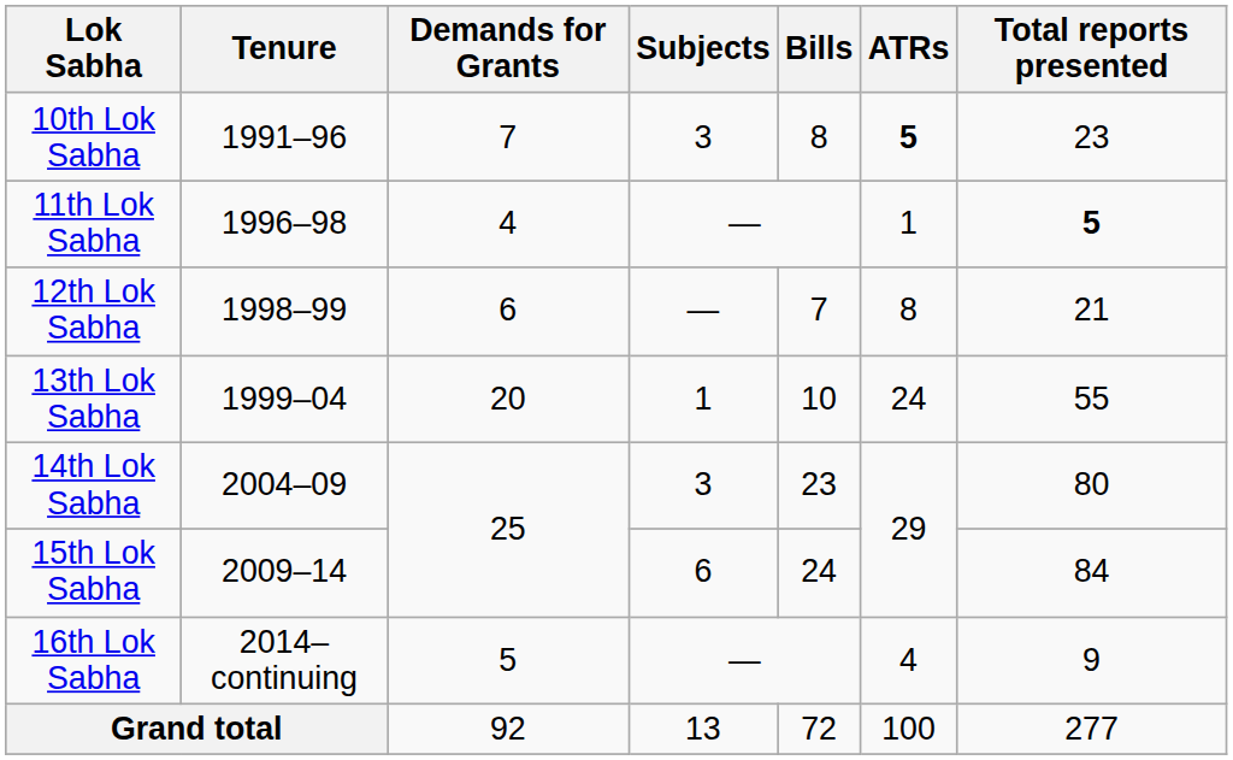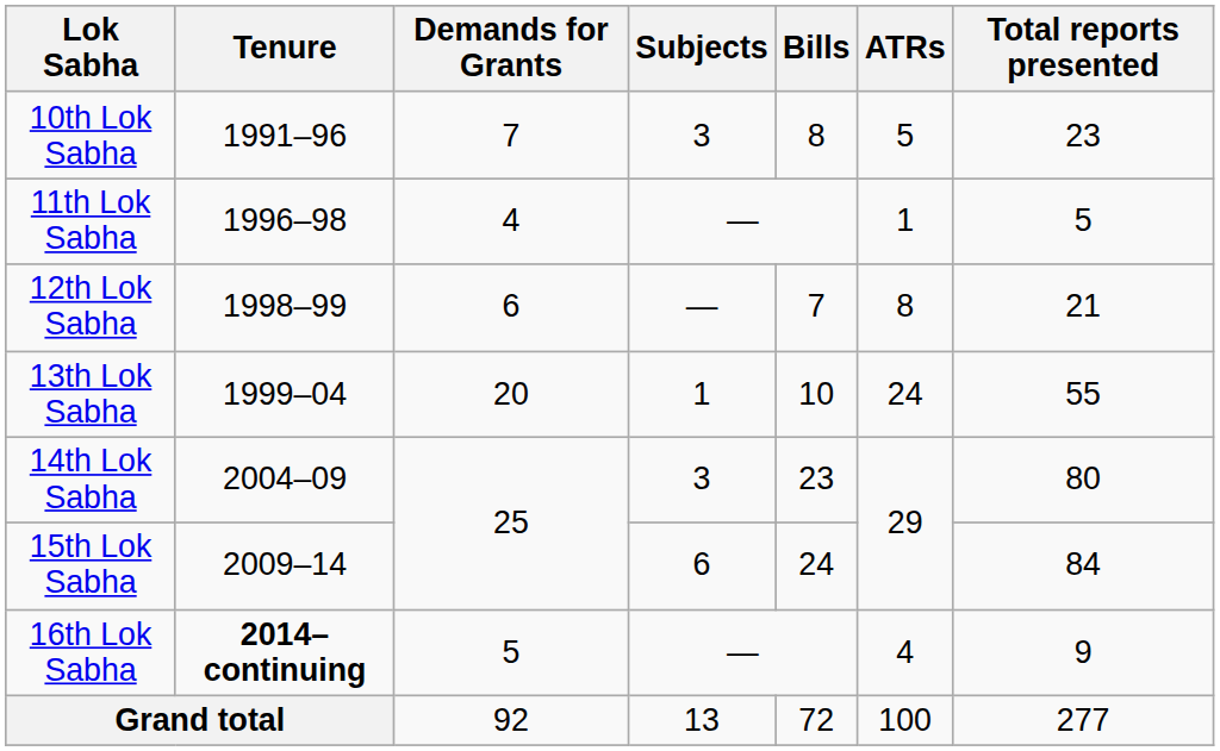 <table class="wikitable sortable">
 <tr>
 <th>Lok Sabha</th>
 <th>Tenure</th>
 <th>Demands for Grants</th>
 <th>Subjects</th>
 <th>Bills</th>
 <th>ATRs</th>
 <th>Total reports presented</th>
 </tr>
 <tr align="center">
 <td><a href='#'>10th Lok Sabha</a></td>
 <td>1991–96</td>
 <td>7</td>
 <td>3</td>
 <td>8</td>
-<td><strong>5</strong></td>
+<td>5</td>
 <td>23</td>
 </tr>
 <tr align="center">
 <td><a href='#'>11th Lok Sabha</a></td>
 <td>1996–98</td>
 <td>4</td>
 <td colspan="2">—</td>
 <td>1</td>
-<td><strong>5</strong></td>
+<td>5</td>
 </tr>
 <tr align="center">
 <td><a href='#'>12th Lok Sabha</a></td>
 <td>1998–99</td>
 <td>6</td>
 <td>—</td>
 <td>7</td>
 <td>8</td>
 <td>21</td>
 </tr>
 <tr align="center">
 <td><a href='#'>13th Lok Sabha</a></td>
 <td>1999–04</td>
 <td>20</td>
 <td>1</td>
 <td>10</td>
 <td>24</td>
 <td>55</td>
 </tr>
 <tr align="center">
 <td><a href='#'>14th Lok Sabha</a></td>
 <td>2004–09</td>
 <td rowspan="2">25</td>
 <td>3</td>
 <td>23</td>
 <td rowspan="2">29</td>
 <td>80</td>
 </tr>
 <tr align="center">
 <td><a href='#'>15th Lok Sabha</a></td>
 <td>2009–14</td>
 <td>6</td>
 <td>24</td>
 <td>84</td>
 </tr>
 <tr align="center">
 <td><a href='#'>16th Lok Sabha</a></td>
-<td>2014–continuing</td>
+<td><strong>2014–continuing</strong></td>
 <td>5</td>
 <td colspan="2">—</td>
 <td>4</td>
 <td>9</td>
 </tr>
 <tr align="center">
 <th colspan="2">Grand total</th>
 <td>92</td>
 <td>13</td>
 <td>72</td>
 <td>100</td>
 <td>277</td>
 </tr>
 </table>
